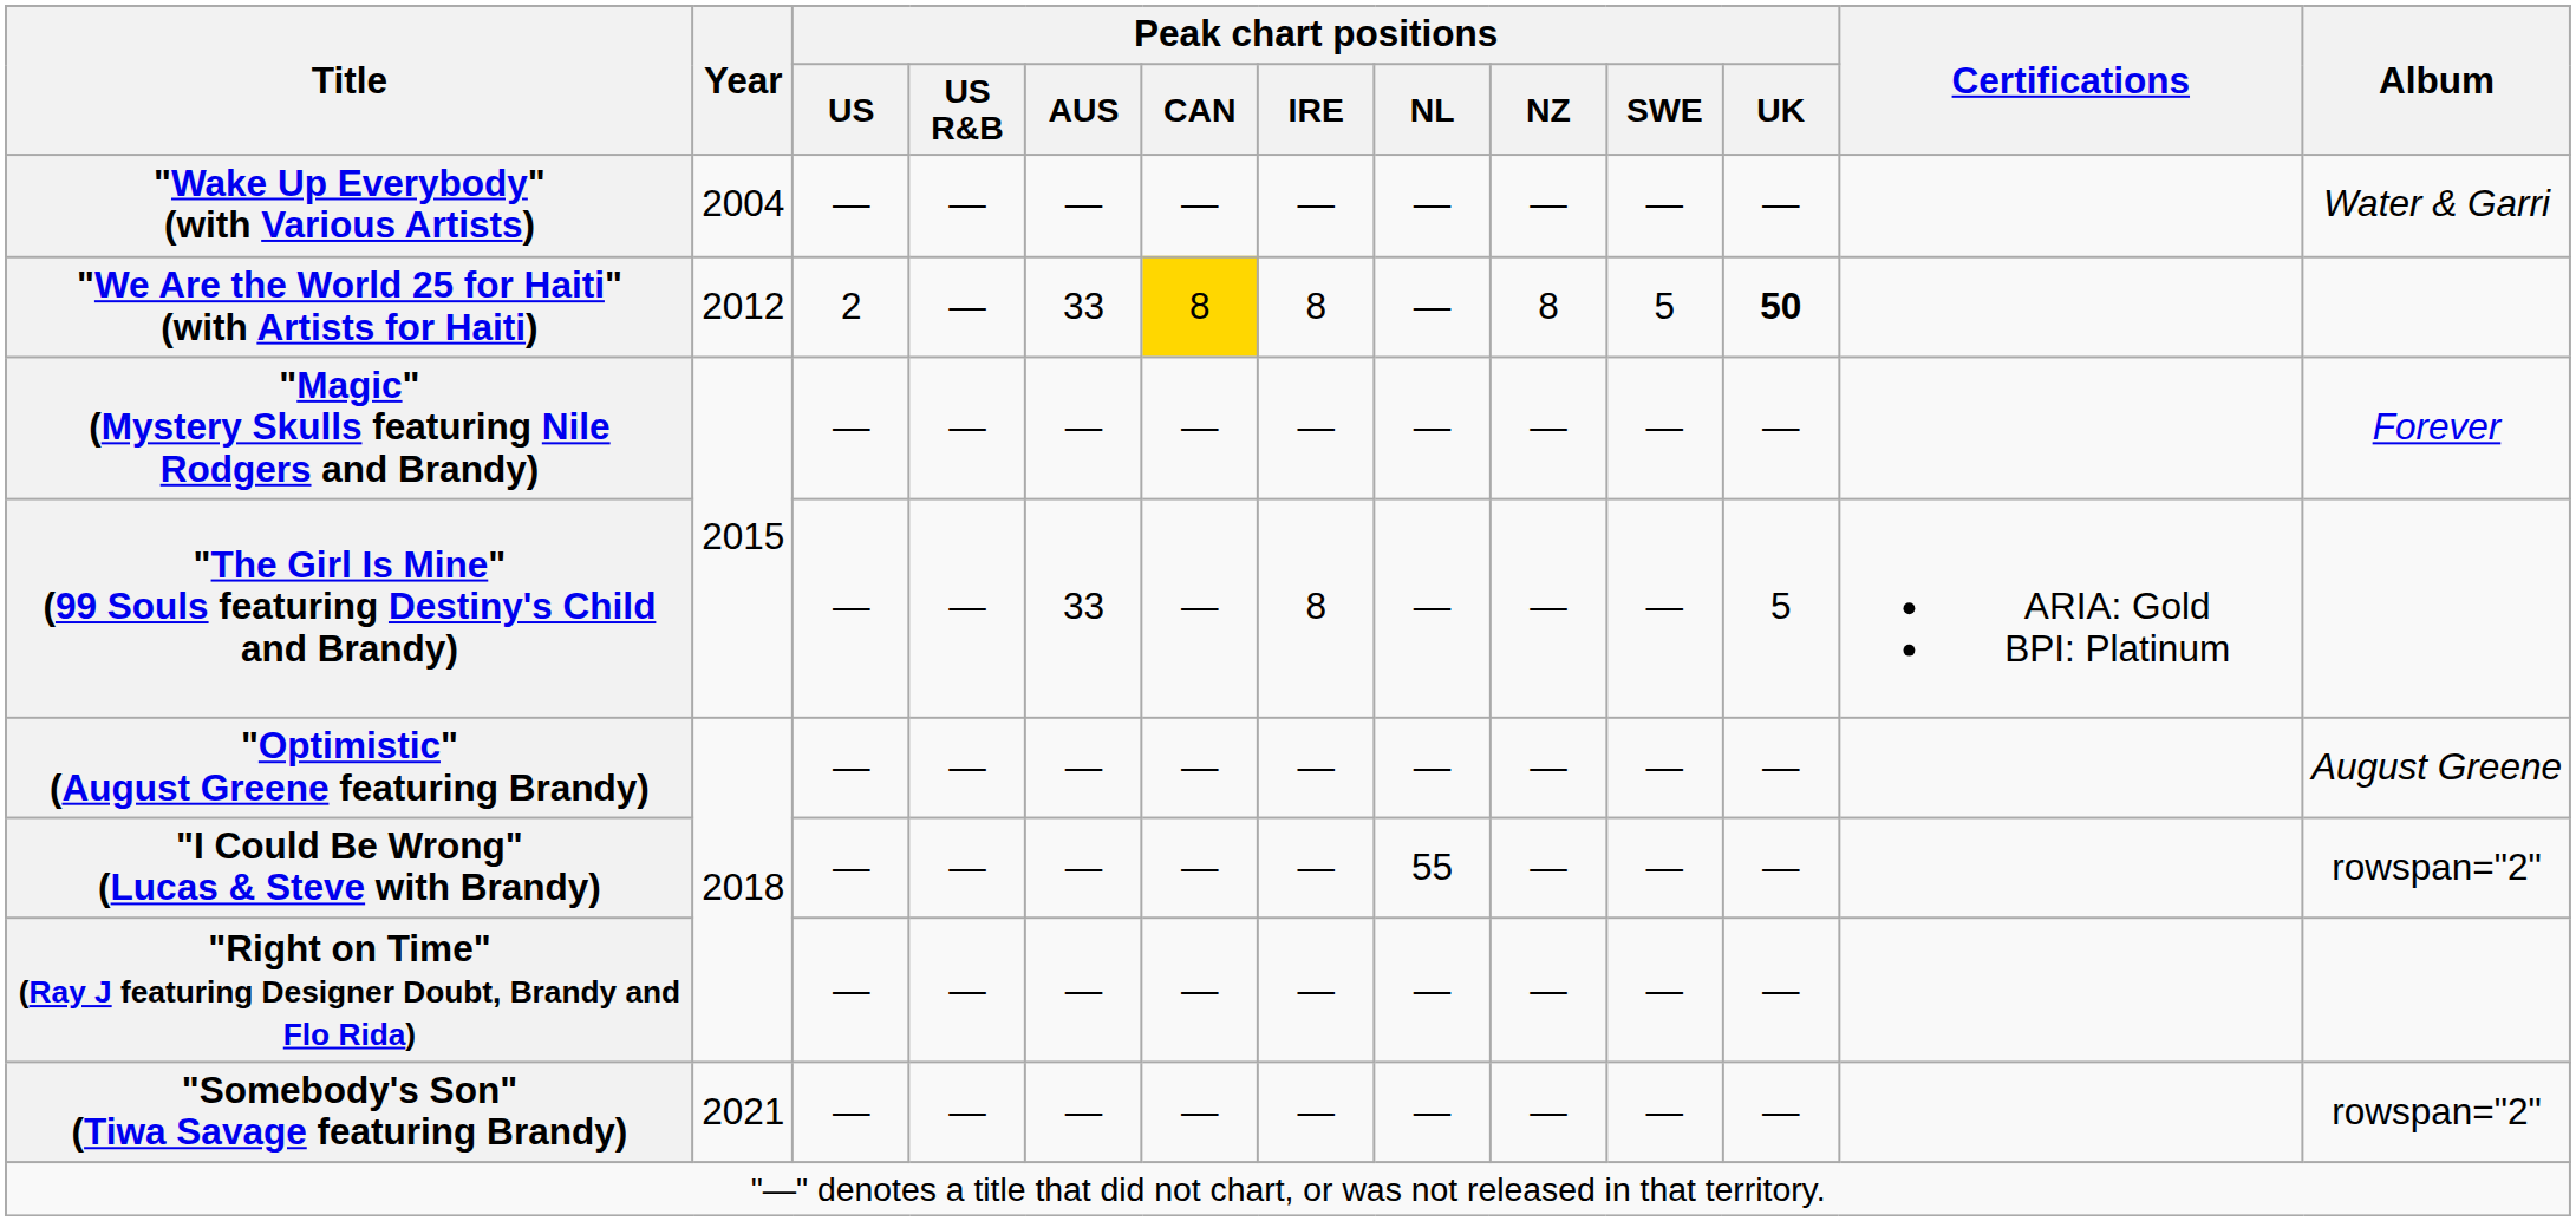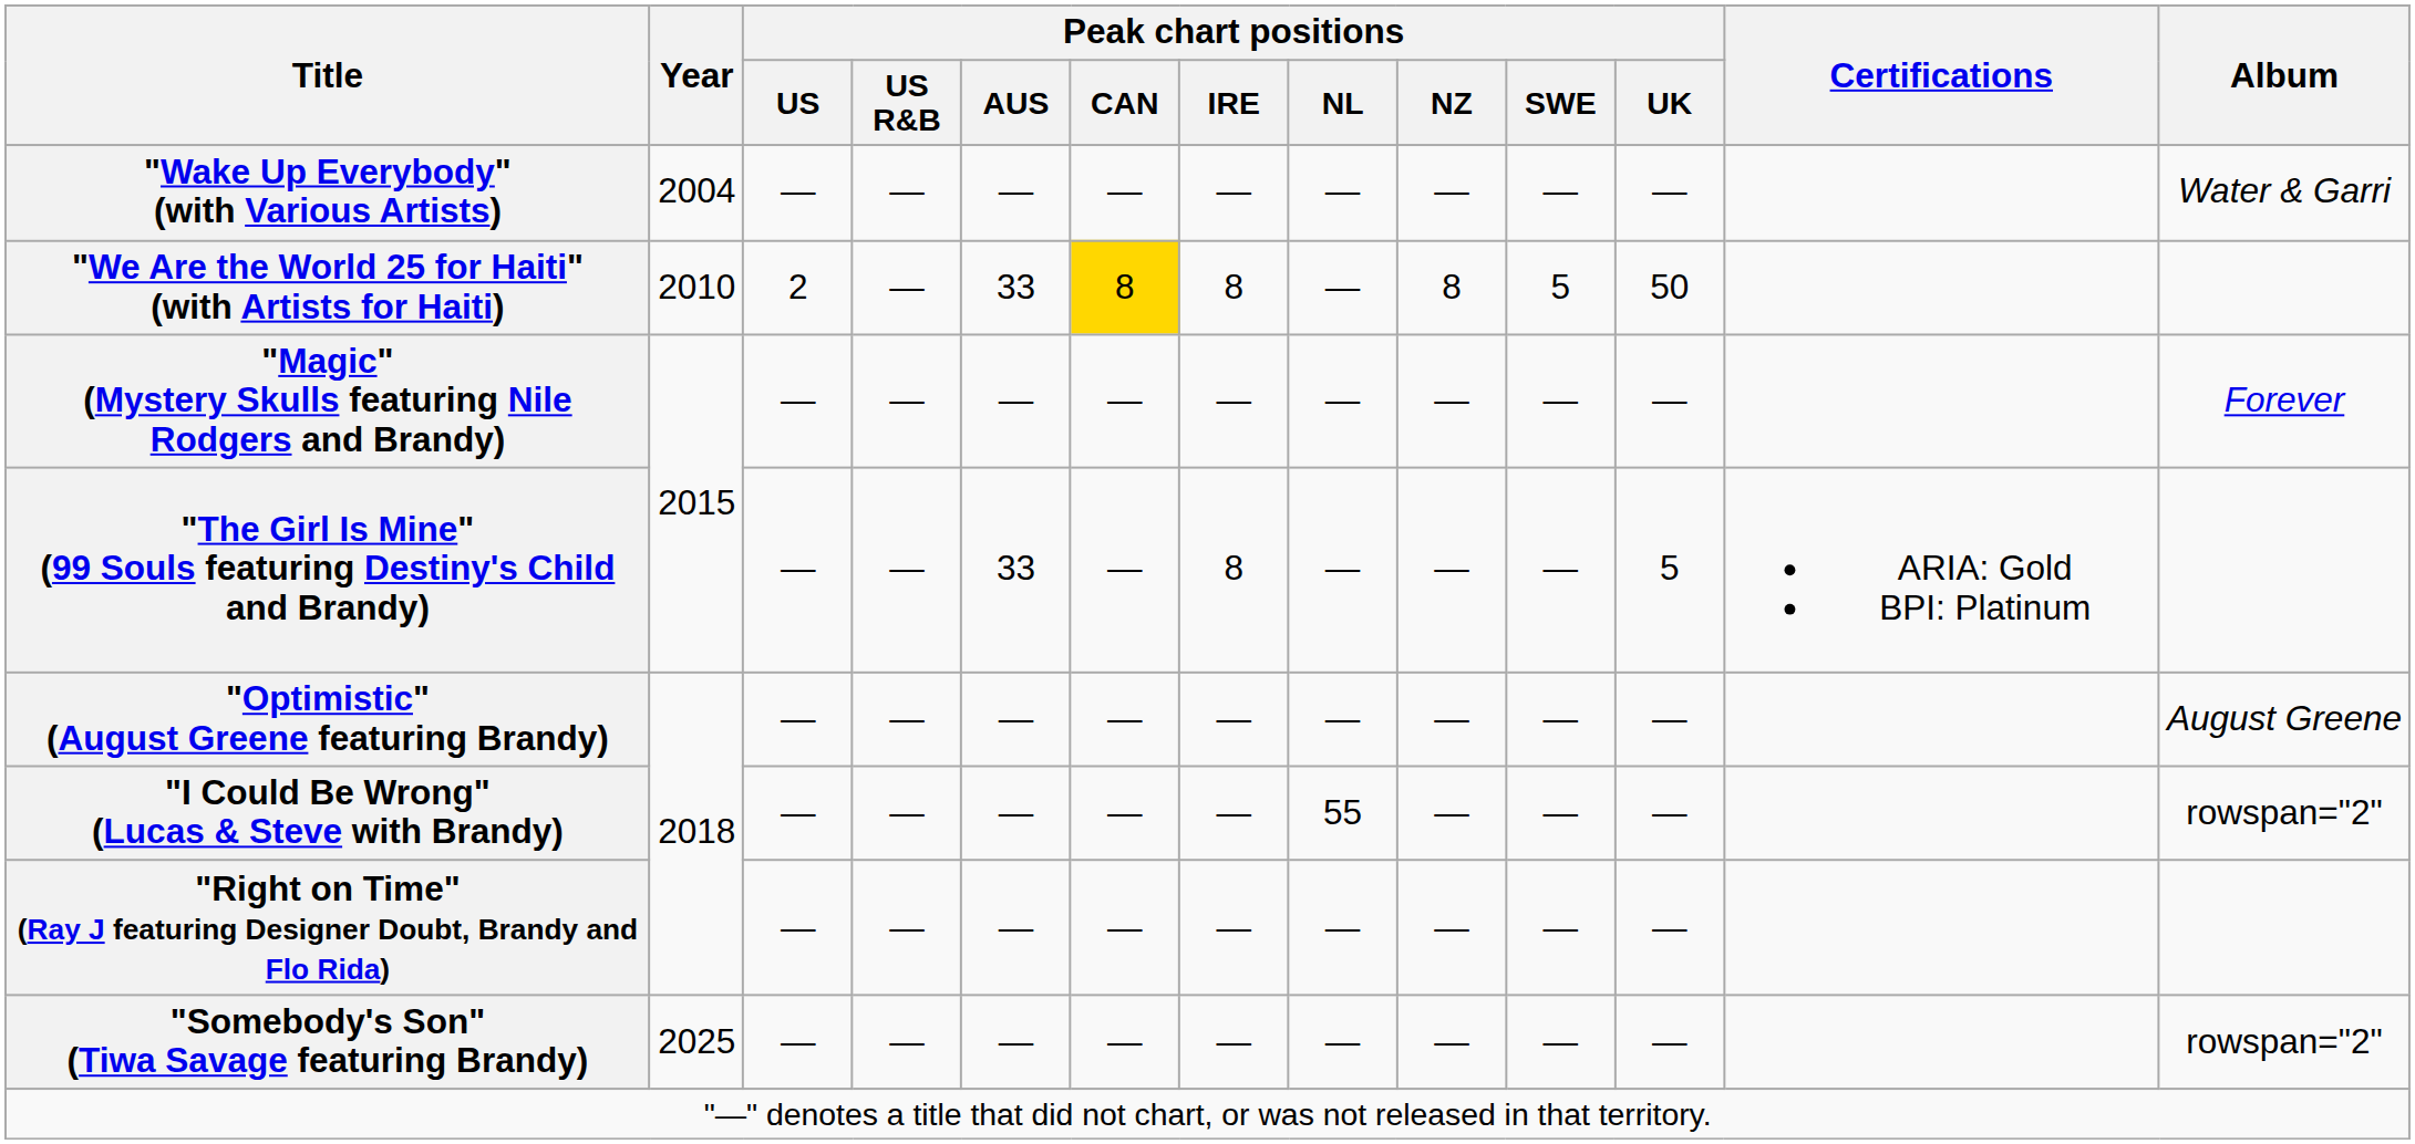 <table class="wikitable plainrowheaders" style="text-align:center;">
 <tr>
 <th scope="col" rowspan="2" style="width:18em;">Title</th>
 <th scope="col" rowspan="2">Year</th>
 <th scope="col" colspan="9">Peak chart positions</th>
 <th scope="col" rowspan="2" style="width:12em;"><a href='#'>Certifications</a></th>
 <th scope="col" rowspan="2">Album</th>
 </tr>
 <tr>
 <th scope="col" style="width:3em;font-size:90%;">US<br></th>
 <th scope="col" style="width:3em;font-size:90%;">US R&B<br></th>
 <th scope="col" style="width:3em;font-size:90%;">AUS<br></th>
 <th scope="col" style="width:3em;font-size:90%;">CAN<br></th>
 <th scope="col" style="width:3em;font-size:90%;">IRE<br></th>
 <th scope="col" style="width:3em;font-size:90%;">NL<br></th>
 <th scope="col" style="width:3em;font-size:90%;">NZ<br></th>
 <th scope="col" style="width:3em;font-size:90%;">SWE<br></th>
 <th scope="col" style="width:3em;font-size:90%;">UK<br></th>
 </tr>
 <tr>
 <th scope="row">"<a href='#'>Wake Up Everybody</a>"<br><span>(with <a href='#'>Various Artists</a>)</span></th>
 <td>2004</td>
 <td>—</td>
 <td>—</td>
 <td>—</td>
 <td>—</td>
 <td>—</td>
 <td>—</td>
 <td>—</td>
 <td>—</td>
 <td>—</td>
 <td></td>
 <td><em>Water & Garri</em></td>
 </tr>
 <tr>
 <th scope="row">"<a href='#'>We Are the World 25 for Haiti</a>"<br><span>(with <a href='#'>Artists for Haiti</a>)</span></th>
-<td>2012</td>
+<td>2010</td>
 <td>2</td>
 <td>—</td>
 <td>33</td>
 <td style="background: gold;">8</td>
 <td>8</td>
 <td>—</td>
 <td>8</td>
 <td>5</td>
-<td><strong>50</strong></td>
+<td>50</td>
 <td></td>
 </tr>
 <tr>
 <th scope="row">"<a href='#'>Magic</a>"<br><span>(<a href='#'>Mystery Skulls</a> featuring <a href='#'>Nile Rodgers</a> and Brandy)</span></th>
 <td rowspan="2">2015</td>
 <td>—</td>
 <td>—</td>
 <td>—</td>
 <td>—</td>
 <td>—</td>
 <td>—</td>
 <td>—</td>
 <td>—</td>
 <td>—</td>
 <td></td>
 <td><em><a href='#'>Forever</a></em></td>
 </tr>
 <tr>
 <th scope="row">"<a href='#'>The Girl Is Mine</a>"<br><span>(<a href='#'>99 Souls</a> featuring <a href='#'>Destiny's Child</a> and Brandy)</span></th>
 <td>—</td>
 <td>—</td>
 <td>33</td>
 <td>—</td>
 <td>8</td>
 <td>—</td>
 <td>—</td>
 <td>—</td>
 <td>5</td>
 <td><br><ul><li>ARIA: Gold</li><li>BPI: Platinum</li></ul></td>
 <td></td>
 </tr>
 <tr>
 <th scope="row">"<a href='#'>Optimistic</a>"<br><span>(<a href='#'>August Greene</a> featuring Brandy)</span></th>
 <td rowspan="3">2018</td>
 <td>—</td>
 <td>—</td>
 <td>—</td>
 <td>—</td>
 <td>—</td>
 <td>—</td>
 <td>—</td>
 <td>—</td>
 <td>—</td>
 <td></td>
 <td><em>August Greene</em></td>
 </tr>
 <tr>
 <th scope="row">"I Could Be Wrong"<br><span>(<a href='#'>Lucas & Steve</a> with Brandy)</span></th>
 <td>—</td>
 <td>—</td>
 <td>—</td>
 <td>—</td>
 <td>—</td>
 <td>55</td>
 <td>—</td>
 <td>—</td>
 <td>—</td>
 <td></td>
 <td>rowspan="2" </td>
 </tr>
 <tr>
 <th scope="row">"Right on Time"<br><small>(<a href='#'>Ray J</a> featuring Designer Doubt, Brandy and <a href='#'>Flo Rida</a>)</small></th>
 <td>—</td>
 <td>—</td>
 <td>—</td>
 <td>—</td>
 <td>—</td>
 <td>—</td>
 <td>—</td>
 <td>—</td>
 <td>—</td>
 <td></td>
 </tr>
 <tr>
 <th scope="row">"Somebody's Son"<br><span>(<a href='#'>Tiwa Savage</a> featuring Brandy)</span></th>
-<td>2021</td>
+<td>2025</td>
 <td>—</td>
 <td>—</td>
 <td>—</td>
 <td>—</td>
 <td>—</td>
 <td>—</td>
 <td>—</td>
 <td>—</td>
 <td>— </td>
 <td></td>
 <td>rowspan="2" </td>
 </tr>
 <tr>
 <td colspan="19" style="font-size:90%">"—" denotes a title that did not chart, or was not released in that territory.</td>
 </tr>
 </table>
